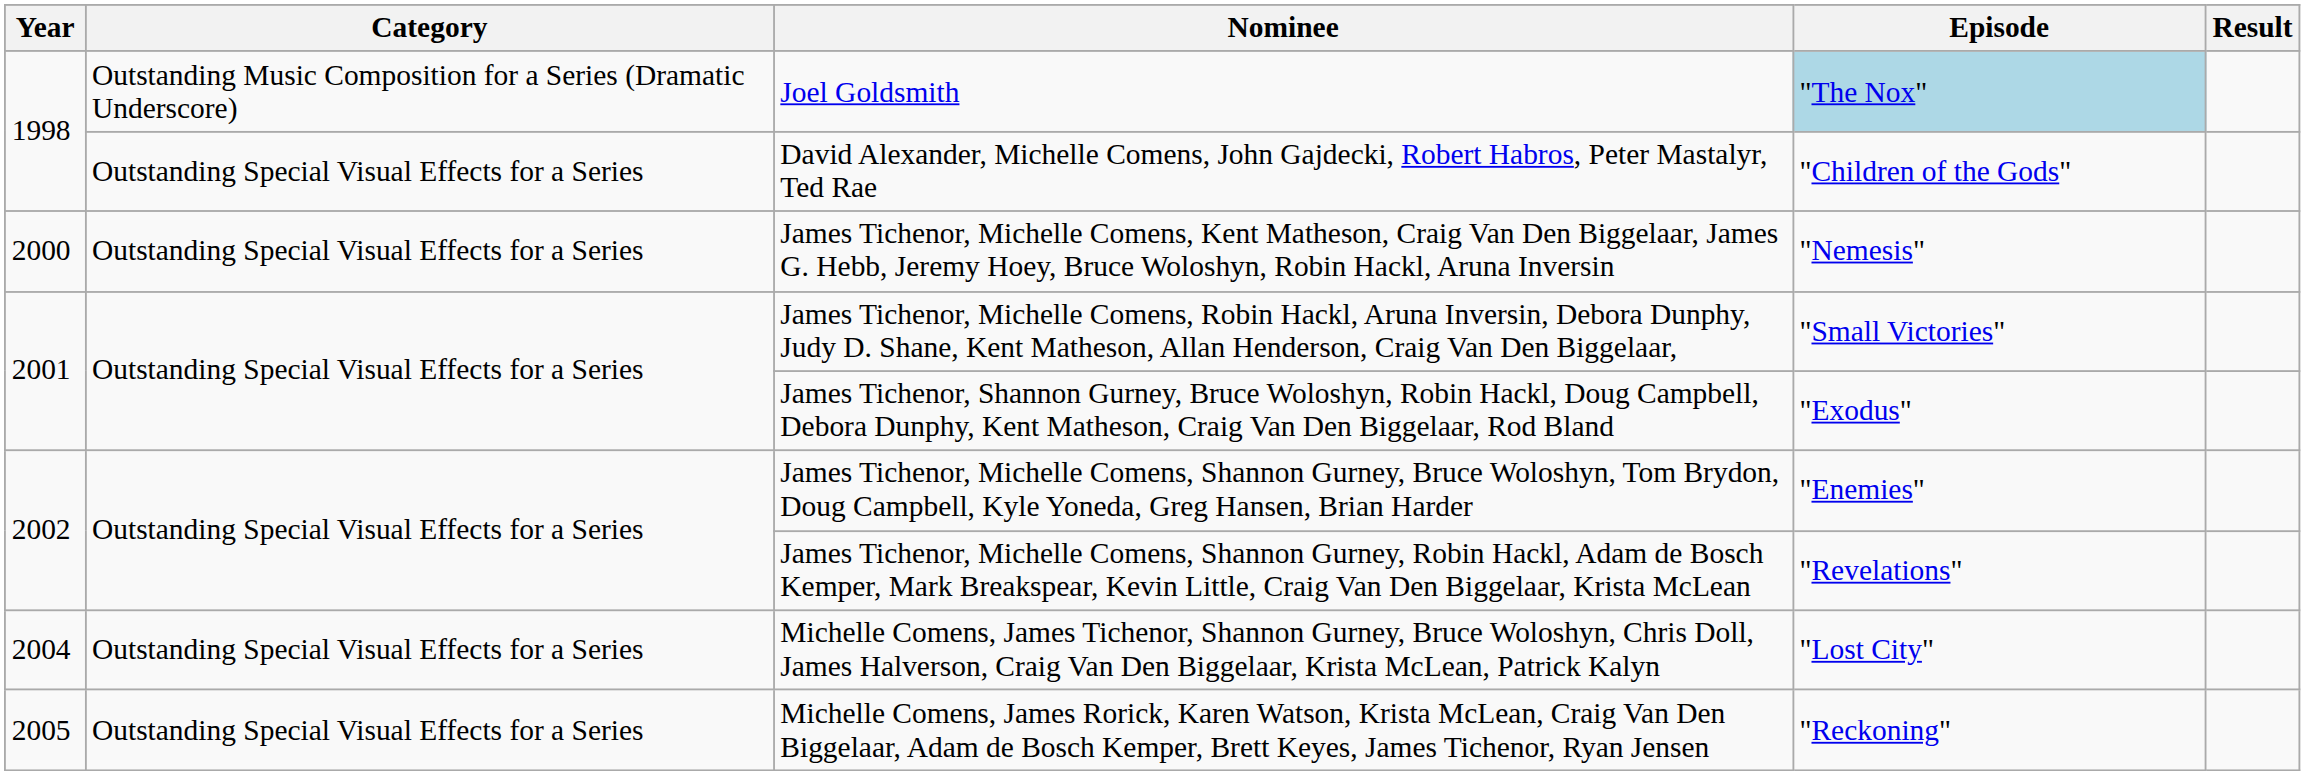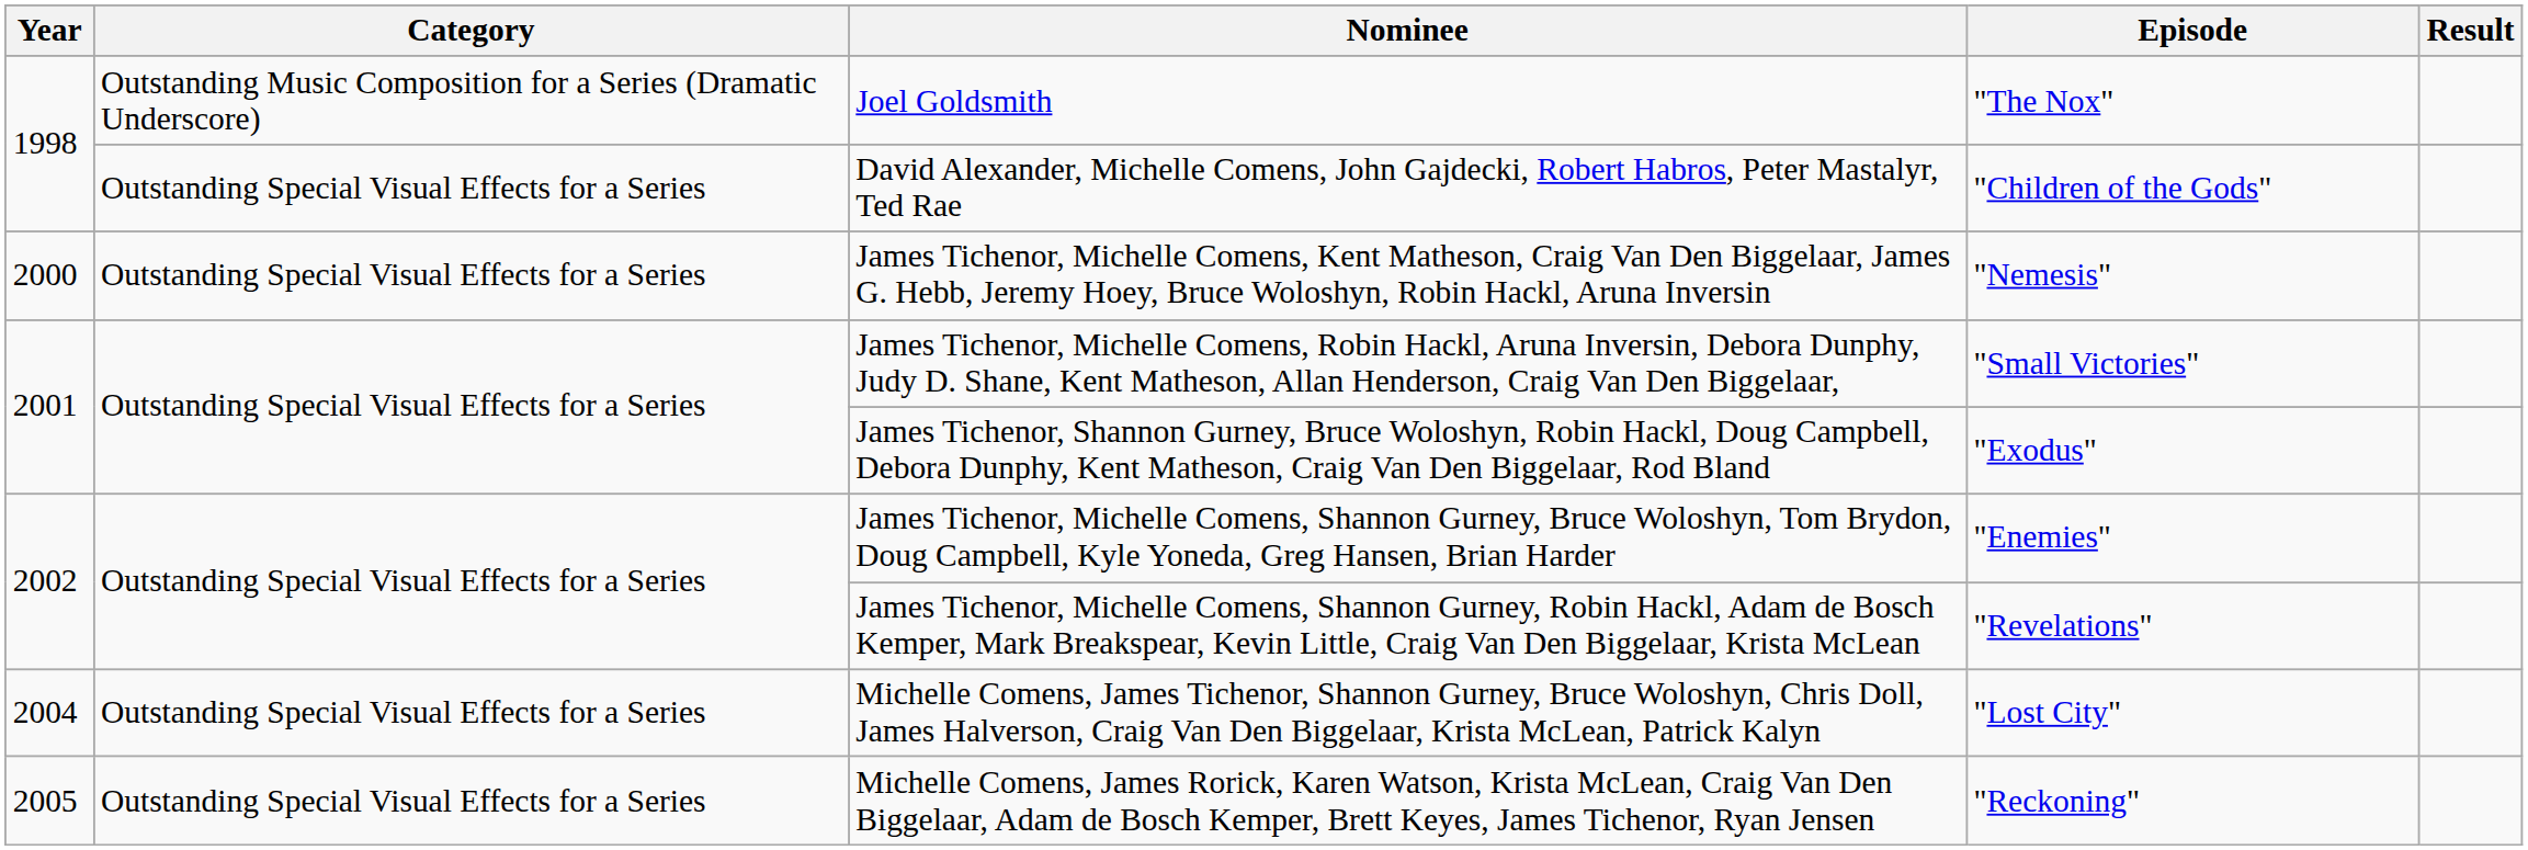 <table class="wikitable">
 <tr>
 <th width="3.5%">Year</th>
 <th width="30%">Category</th>
 <th widthe="45%">Nominee</th>
 <th width="18%">Episode</th>
 <th width="3.5%">Result</th>
 </tr>
 <tr>
 <td rowspan=2>1998</td>
 <td>Outstanding Music Composition for a Series (Dramatic Underscore)</td>
 <td><a href='#'>Joel Goldsmith</a></td>
-<td style="background: lightblue;">"<a href='#'>The Nox</a>"</td>
+<td>"<a href='#'>The Nox</a>"</td>
 <td></td>
 </tr>
 <tr>
 <td>Outstanding Special Visual Effects for a Series</td>
 <td>David Alexander, Michelle Comens, John Gajdecki, <a href='#'>Robert Habros</a>, Peter Mastalyr, Ted Rae</td>
 <td>"<a href='#'>Children of the Gods</a>"</td>
 <td></td>
 </tr>
 <tr>
 <td>2000</td>
 <td>Outstanding Special Visual Effects for a Series</td>
 <td>James Tichenor, Michelle Comens, Kent Matheson, Craig Van Den Biggelaar, James G. Hebb, Jeremy Hoey, Bruce Woloshyn, Robin Hackl, Aruna Inversin</td>
 <td>"<a href='#'>Nemesis</a>"</td>
 <td></td>
 </tr>
 <tr>
 <td rowspan=2>2001</td>
 <td rowspan=2>Outstanding Special Visual Effects for a Series</td>
 <td>James Tichenor, Michelle Comens, Robin Hackl, Aruna Inversin, Debora Dunphy, Judy D. Shane, Kent Matheson, Allan Henderson, Craig Van Den Biggelaar,</td>
 <td>"<a href='#'>Small Victories</a>"</td>
 <td></td>
 </tr>
 <tr>
 <td>James Tichenor, Shannon Gurney, Bruce Woloshyn, Robin Hackl, Doug Campbell, Debora Dunphy, Kent Matheson, Craig Van Den Biggelaar, Rod Bland</td>
 <td>"<a href='#'>Exodus</a>"</td>
 <td></td>
 </tr>
 <tr>
 <td rowspan=2>2002</td>
 <td rowspan=2>Outstanding Special Visual Effects for a Series</td>
 <td>James Tichenor, Michelle Comens, Shannon Gurney, Bruce Woloshyn, Tom Brydon, Doug Campbell, Kyle Yoneda, Greg Hansen, Brian Harder</td>
 <td>"<a href='#'>Enemies</a>"</td>
 <td></td>
 </tr>
 <tr>
 <td>James Tichenor, Michelle Comens, Shannon Gurney, Robin Hackl, Adam de Bosch Kemper, Mark Breakspear, Kevin Little, Craig Van Den Biggelaar, Krista McLean</td>
 <td>"<a href='#'>Revelations</a>"</td>
 <td></td>
 </tr>
 <tr>
 <td>2004</td>
 <td>Outstanding Special Visual Effects for a Series</td>
 <td>Michelle Comens, James Tichenor, Shannon Gurney, Bruce Woloshyn, Chris Doll, James Halverson, Craig Van Den Biggelaar, Krista McLean, Patrick Kalyn</td>
 <td>"<a href='#'>Lost City</a>"</td>
 <td></td>
 </tr>
 <tr>
 <td>2005</td>
 <td>Outstanding Special Visual Effects for a Series</td>
 <td>Michelle Comens, James Rorick, Karen Watson, Krista McLean, Craig Van Den Biggelaar, Adam de Bosch Kemper, Brett Keyes, James Tichenor, Ryan Jensen</td>
 <td>"<a href='#'>Reckoning</a>"</td>
 <td></td>
 </tr>
 </table>
